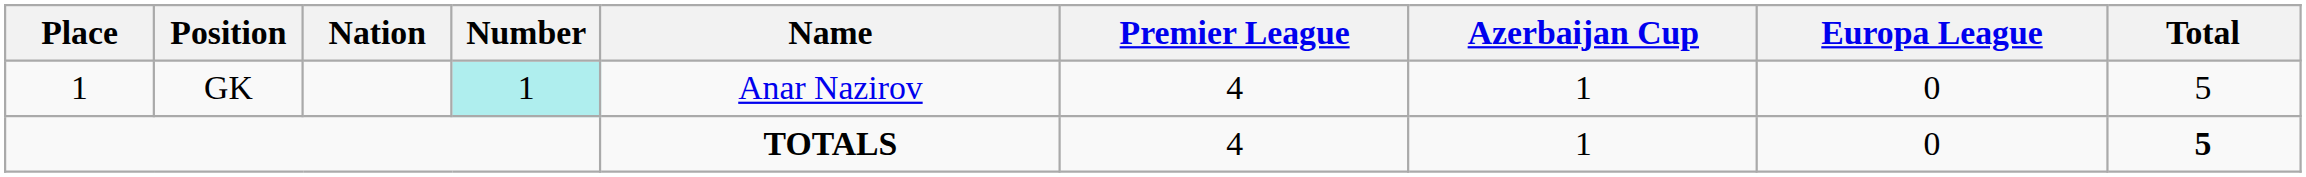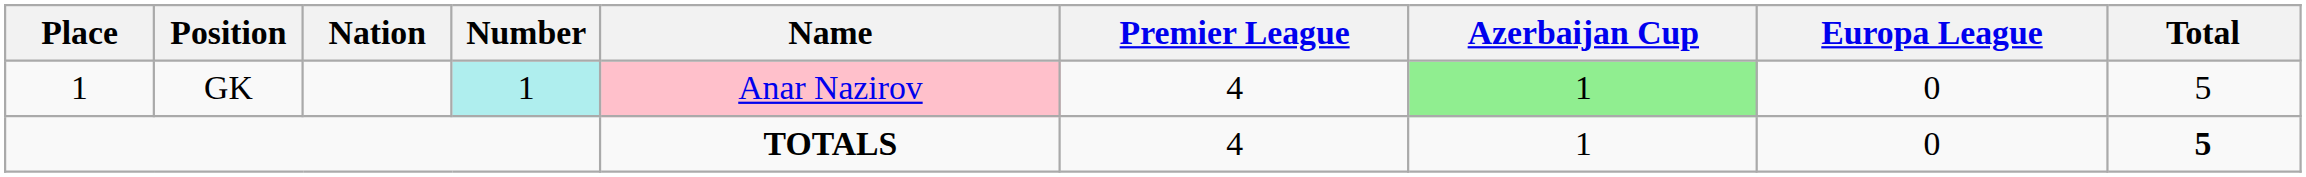 <table class="wikitable" style="font-size: 95%; text-align: center;">
 <tr>
 <th width=60>Place</th>
 <th width=60>Position</th>
 <th width=60>Nation</th>
 <th width=60>Number</th>
 <th width=200>Name</th>
 <th width=150><a href='#'>Premier League</a></th>
 <th width=150><a href='#'>Azerbaijan Cup</a></th>
 <th width=150><a href='#'>Europa League</a></th>
 <th width=80>Total</th>
 </tr>
 <tr>
 <td>1</td>
 <td>GK</td>
 <td></td>
 <td style="background: paleturquoise;">1</td>
-<td><a href='#'>Anar Nazirov</a></td>
+<td style="background: pink;"><a href='#'>Anar Nazirov</a></td>
 <td>4</td>
-<td>1</td>
+<td style="background: lightgreen;">1</td>
 <td>0</td>
 <td>5</td>
 </tr>
 <tr>
 <td colspan="4"></td>
 <td><strong>TOTALS</strong></td>
 <td>4</td>
 <td>1</td>
 <td>0</td>
 <td><strong>5</strong></td>
 </tr>
 </table>
